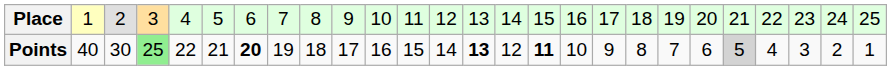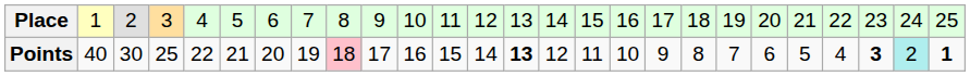 <table class="wikitable" style="text-align:center">
 <tr>
 <th>Place</th>
 <td width="20" bgcolor="#ffffbf">1</td>
 <td width="20" bgcolor="#dfdfdf">2</td>
 <td width="20" bgcolor="#ffdf9f">3</td>
 <td width="20" bgcolor="#dfffdf">4</td>
 <td width="20" bgcolor="#dfffdf">5</td>
 <td width="20" bgcolor="#dfffdf">6</td>
 <td width="20" bgcolor="#dfffdf">7</td>
 <td width="20" bgcolor="#dfffdf">8</td>
 <td width="20" bgcolor="#dfffdf">9</td>
 <td width="20" bgcolor="#dfffdf">10</td>
 <td width="20" bgcolor="#dfffdf">11</td>
 <td width="20" bgcolor="#dfffdf">12</td>
 <td width="20" bgcolor="#dfffdf">13</td>
 <td width="20" bgcolor="#dfffdf">14</td>
 <td width="20" bgcolor="#dfffdf">15</td>
 <td width="20" bgcolor="#dfffdf">16</td>
 <td width="20" bgcolor="#dfffdf">17</td>
 <td width="20" bgcolor="#dfffdf">18</td>
 <td width="20" bgcolor="#dfffdf">19</td>
 <td width="20" bgcolor="#dfffdf">20</td>
 <td width="20" bgcolor="#dfffdf">21</td>
 <td width="20" bgcolor="#dfffdf">22</td>
 <td width="20" bgcolor="#dfffdf">23</td>
 <td width="20" bgcolor="#dfffdf">24</td>
 <td width="20" bgcolor="#dfffdf">25</td>
 </tr>
 <tr>
 <th>Points</th>
 <td>40</td>
 <td>30</td>
-<td style="background: lightgreen;">25</td>
+<td>25</td>
 <td>22</td>
 <td>21</td>
-<td><strong>20</strong></td>
+<td>20</td>
 <td>19</td>
-<td>18</td>
+<td style="background: pink;">18</td>
 <td>17</td>
 <td>16</td>
 <td>15</td>
 <td>14</td>
 <td><strong>13</strong></td>
 <td>12</td>
-<td><strong>11</strong></td>
+<td>11</td>
 <td>10</td>
 <td>9</td>
 <td>8</td>
 <td>7</td>
 <td>6</td>
-<td style="background: lightgrey;">5</td>
+<td>5</td>
 <td>4</td>
-<td>3</td>
-<td>2</td>
-<td>1</td>
+<td><strong>3</strong></td>
+<td style="background: paleturquoise;">2</td>
+<td><strong>1</strong></td>
 </tr>
 </table>
